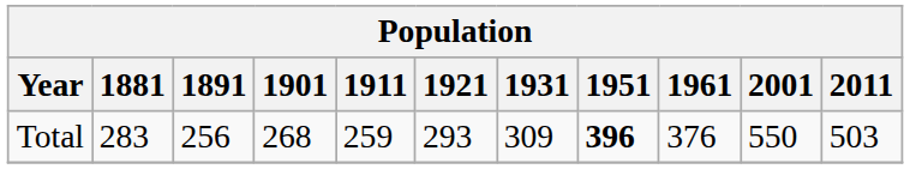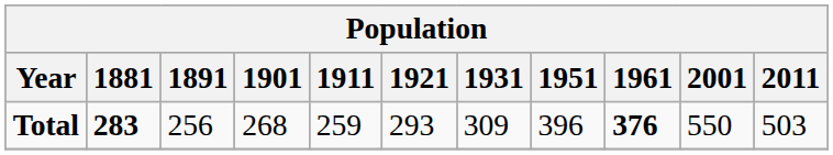 <table class="wikitable" style="margin: 1em auto 1em auto;">
 <tr>
 <th colspan="17">Population</th>
 </tr>
 <tr>
 <th>Year</th>
 <th>1881</th>
 <th>1891</th>
 <th>1901</th>
 <th>1911</th>
 <th>1921</th>
 <th>1931</th>
 <th>1951</th>
 <th>1961</th>
 <th>2001</th>
 <th>2011</th>
 </tr>
 <tr>
-<td>Total</td>
-<td>283</td>
+<td><strong>Total</strong></td>
+<td><strong>283</strong></td>
 <td>256</td>
 <td>268</td>
 <td>259</td>
 <td>293</td>
 <td>309</td>
-<td><strong>396</strong></td>
-<td>376</td>
+<td>396</td>
+<td><strong>376</strong></td>
 <td>550</td>
 <td>503</td>
 </tr>
 <tr>
 </tr>
 </table>
